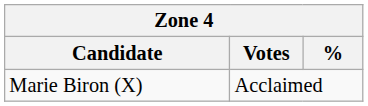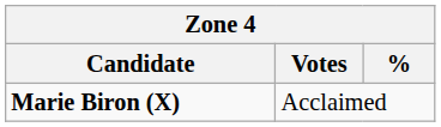 <table class="wikitable">
 <tr>
 <th colspan="3">Zone 4</th>
 </tr>
 <tr>
 <th style="width: 170px">Candidate</th>
 <th style="width: 50px">Votes</th>
 <th style="width: 40px">%</th>
 </tr>
 <tr>
-<td>Marie Biron (X)</td>
+<td><strong>Marie Biron (X)</strong></td>
 <td colspan="2">Acclaimed</td>
 </tr>
 </table>
